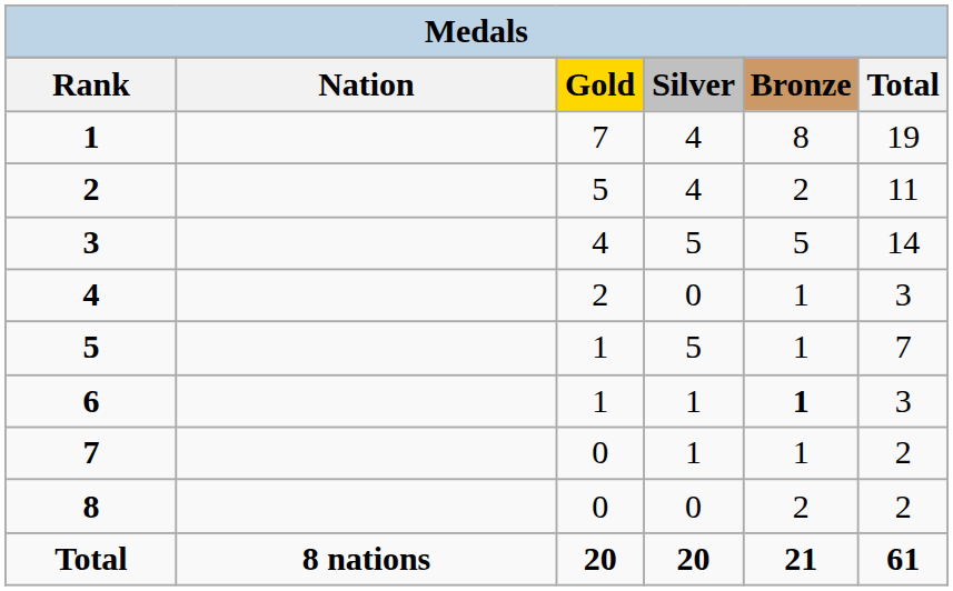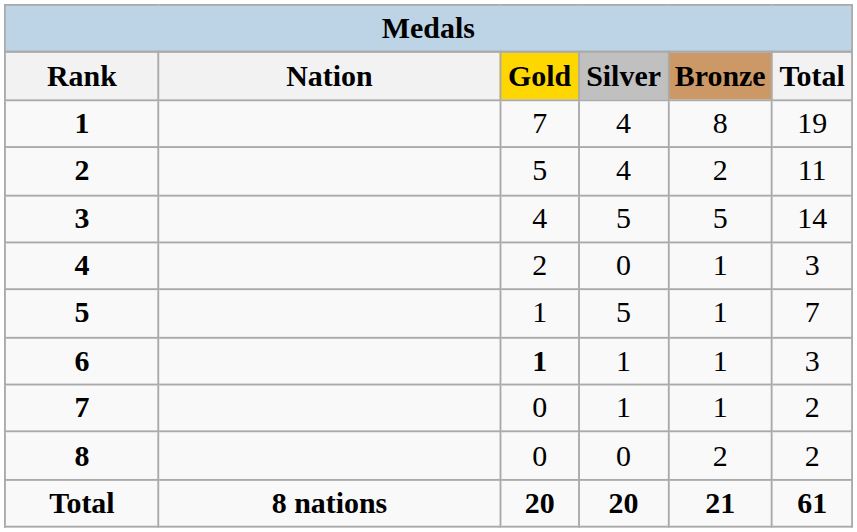 <table class=wikitable style=text-align:center>
 <tr>
 <td colspan=6 style="background:#BCD4E6"><strong>Medals</strong></td>
 </tr>
 <tr>
 </tr>
 <tr style="background-color:#EDEDED;">
 <th width=75px class="hintergrundfarbe5">Rank</th>
 <th width=175px class="hintergrundfarbe6">Nation</th>
 <th style="background:    gold; width:35px">Gold</th>
 <th style="background:  silver; width:35px">Silver</th>
 <th style="background: #CC9966; width:35px">Bronze</th>
 <th width=35px>Total</th>
 </tr>
 <tr>
 <td><strong>1</strong></td>
 <td align=left></td>
 <td>7</td>
 <td>4</td>
 <td>8</td>
 <td>19</td>
 </tr>
 <tr>
 <td><strong>2</strong></td>
 <td align=left></td>
 <td>5</td>
 <td>4</td>
 <td>2</td>
 <td>11</td>
 </tr>
 <tr>
 <td><strong>3</strong></td>
 <td align=left></td>
 <td>4</td>
 <td>5</td>
 <td>5</td>
 <td>14</td>
 </tr>
 <tr>
 <td><strong>4</strong></td>
 <td align=left></td>
 <td>2</td>
 <td>0</td>
 <td>1</td>
 <td>3</td>
 </tr>
 <tr>
 <td><strong>5</strong></td>
 <td align=left></td>
 <td>1</td>
 <td>5</td>
 <td>1</td>
 <td>7</td>
 </tr>
 <tr>
 <td><strong>6</strong></td>
 <td align=left></td>
+<td><strong>1</strong></td>
 <td>1</td>
 <td>1</td>
-<td><strong>1</strong></td>
 <td>3</td>
 </tr>
 <tr>
 <td><strong>7</strong></td>
 <td align=left><em></em></td>
 <td>0</td>
 <td>1</td>
 <td>1</td>
 <td>2</td>
 </tr>
 <tr>
 <td><strong>8</strong></td>
 <td align=left></td>
 <td>0</td>
 <td>0</td>
 <td>2</td>
 <td>2</td>
 </tr>
 <tr>
 <td><strong>Total</strong></td>
 <td><strong>8 nations</strong></td>
 <td><strong>20</strong></td>
 <td><strong>20</strong></td>
 <td><strong>21</strong></td>
 <td><strong>61</strong></td>
 </tr>
 </table>
